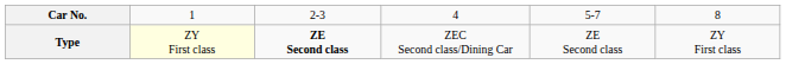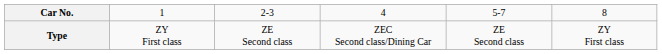 <table class="wikitable" style="text-align: center; font-size: small;">
 <tr>
 <th>Car No.</th>
 <td>1</td>
 <td>2-3</td>
 <td>4</td>
 <td>5-7</td>
 <td>8</td>
 </tr>
 <tr>
 <th style="width: 5%;">Type</th>
-<td style="background: lightyellow; width: 5%;">ZY<br>First class</td>
-<td style="width: 5%;"><strong>ZE<br>Second class</strong></td>
+<td style="width: 5%;">ZY<br>First class</td>
+<td style="width: 5%;">ZE<br>Second class</td>
 <td style="width: 5%;">ZEC<br>Second class/Dining Car</td>
 <td style="width: 5%;">ZE<br>Second class</td>
 <td style="width: 5%;">ZY<br>First class</td>
 </tr>
 </table>
